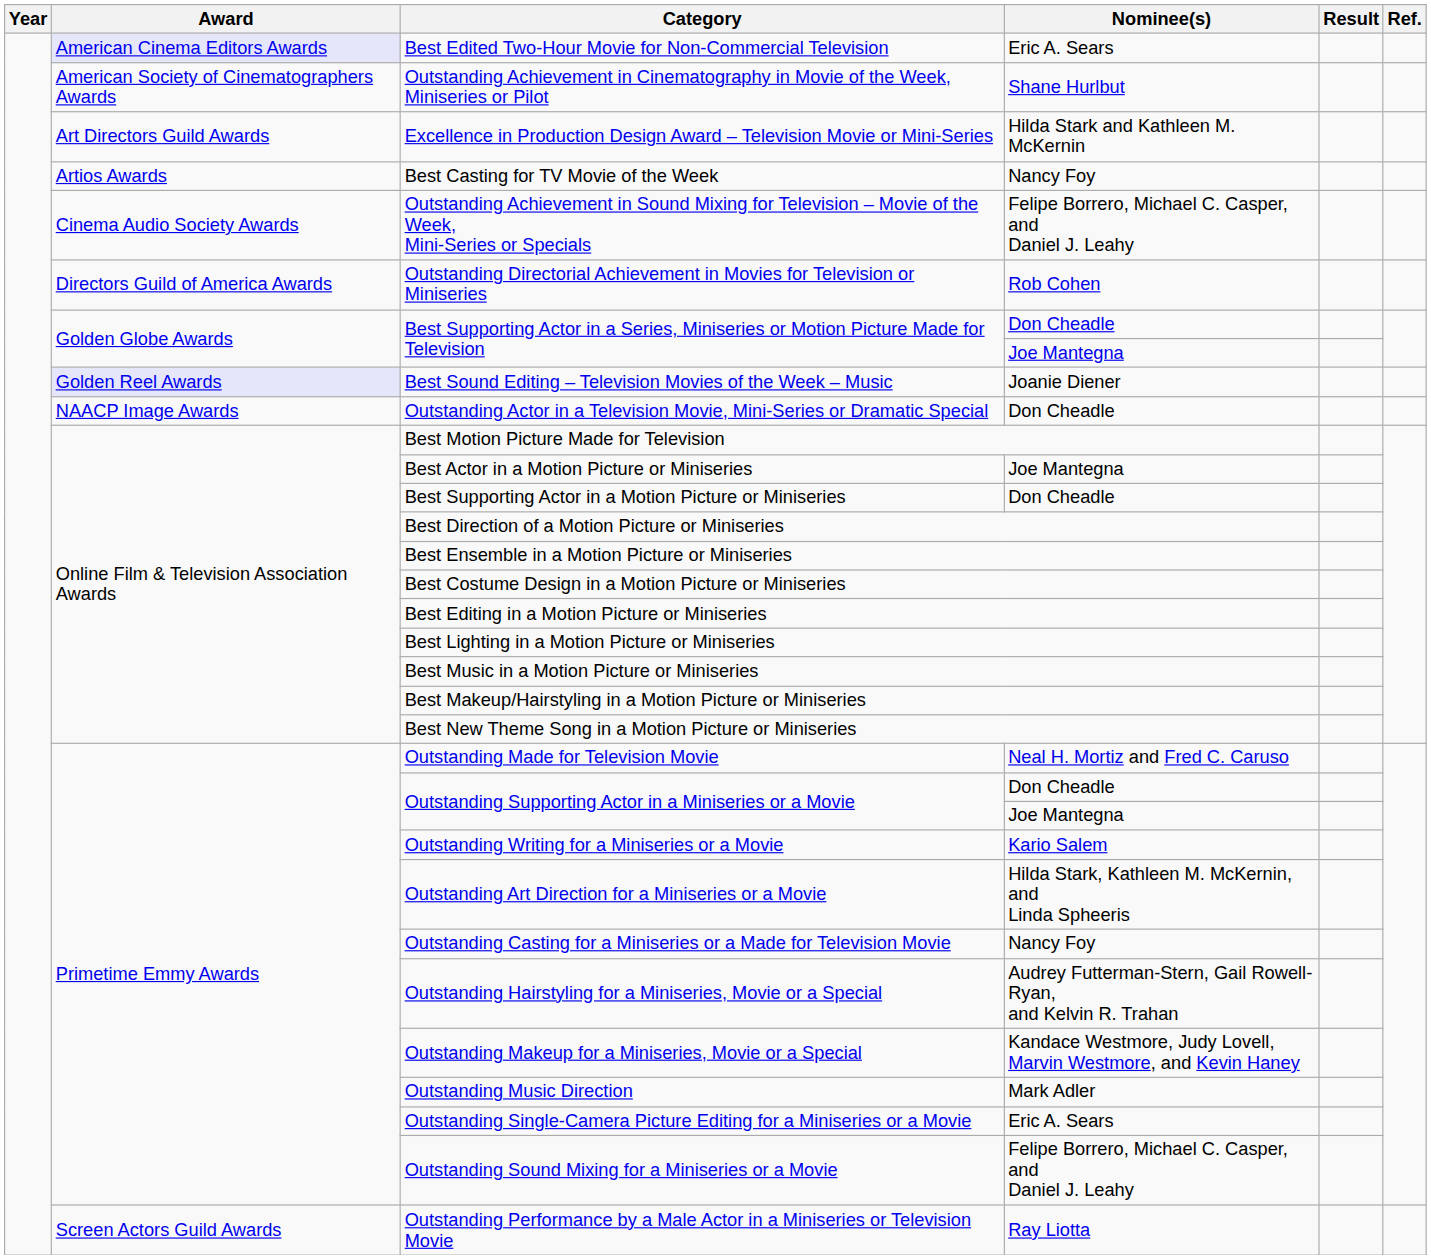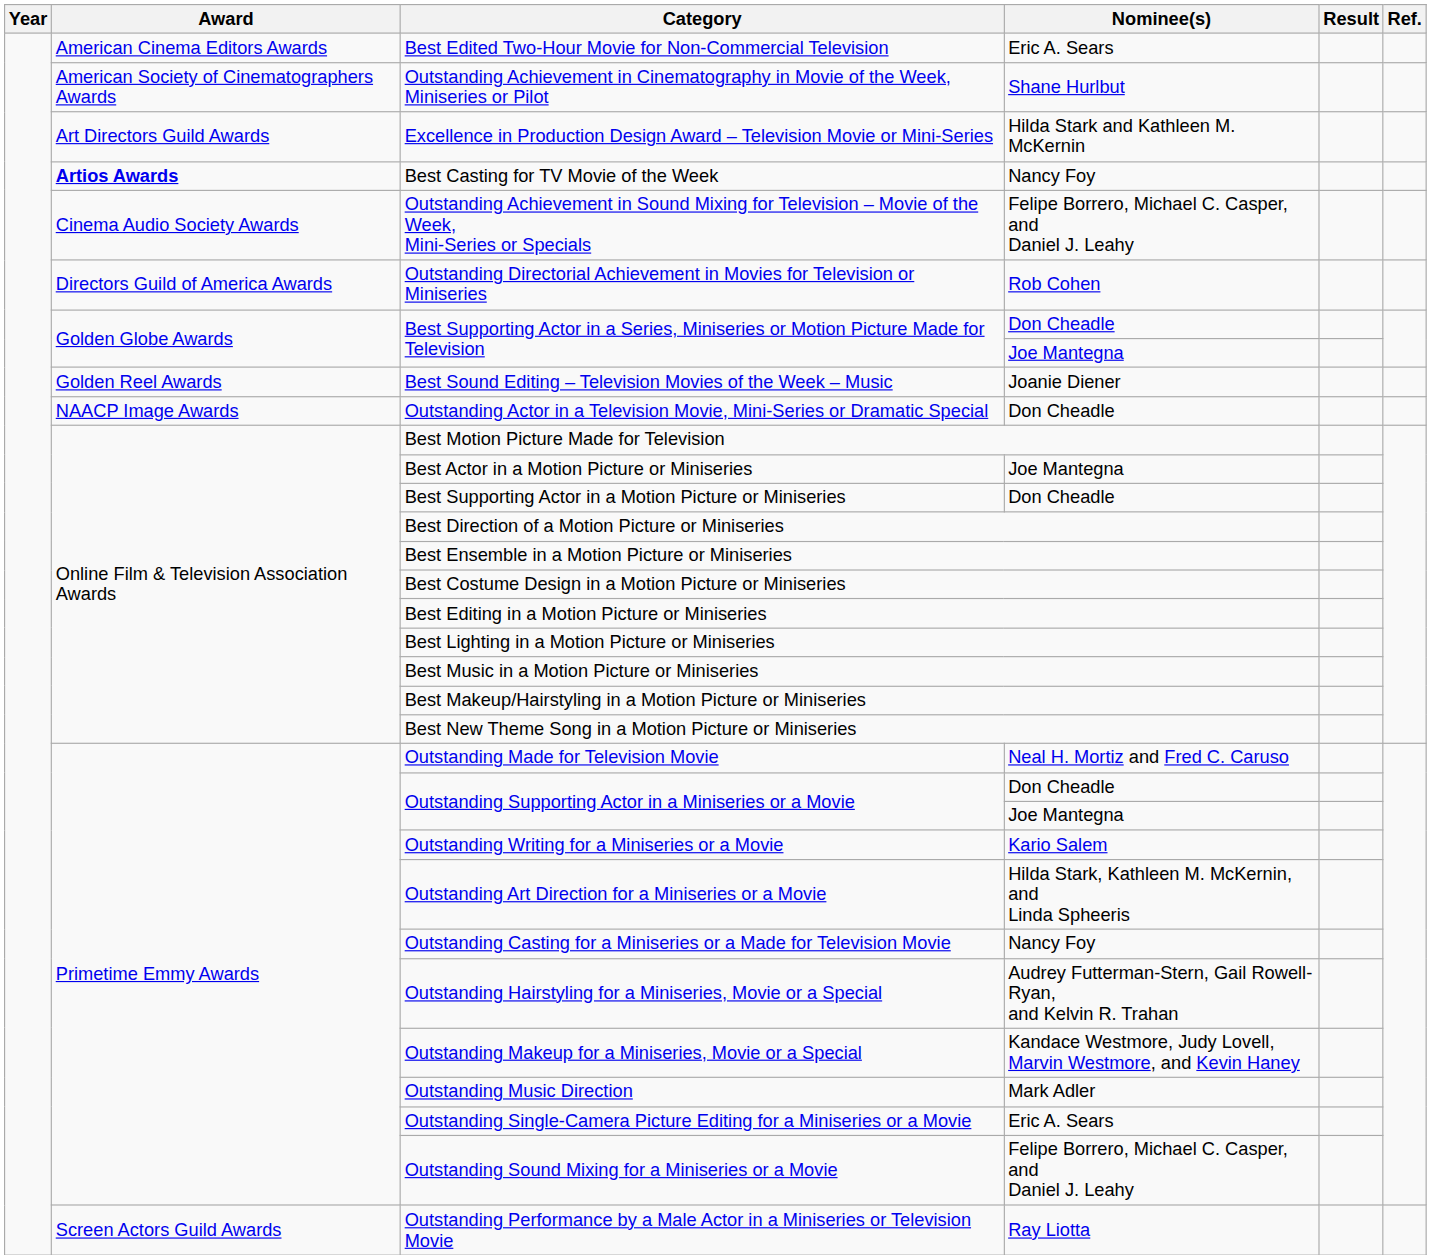 <table class="wikitable plainrowheaders">
 <tr>
 <th>Year</th>
 <th>Award</th>
 <th>Category</th>
 <th>Nominee(s)</th>
 <th>Result</th>
 <th>Ref.</th>
 </tr>
 <tr>
 <td rowspan="50"></td>
-<td style="background: lavender;"><a href='#'>American Cinema Editors Awards</a></td>
+<td><a href='#'>American Cinema Editors Awards</a></td>
 <td><a href='#'>Best Edited Two-Hour Movie for Non-Commercial Television</a></td>
 <td>Eric A. Sears</td>
 <td></td>
 <td align="center"></td>
 </tr>
 <tr>
 <td><a href='#'>American Society of Cinematographers Awards</a></td>
 <td><a href='#'>Outstanding Achievement in Cinematography in Movie of the Week, Miniseries or Pilot</a></td>
 <td><a href='#'>Shane Hurlbut</a></td>
 <td></td>
 <td align="center"></td>
 </tr>
 <tr>
 <td><a href='#'>Art Directors Guild Awards</a></td>
 <td><a href='#'>Excellence in Production Design Award – Television Movie or Mini-Series</a></td>
 <td>Hilda Stark and Kathleen M. McKernin</td>
 <td></td>
 <td align="center"></td>
 </tr>
 <tr>
-<td><a href='#'>Artios Awards</a></td>
+<td><strong><a href='#'>Artios Awards</a></strong></td>
 <td>Best Casting for TV Movie of the Week</td>
 <td>Nancy Foy</td>
 <td></td>
 <td align="center"></td>
 </tr>
 <tr>
 <td><a href='#'>Cinema Audio Society Awards</a></td>
 <td><a href='#'>Outstanding Achievement in Sound Mixing for Television – Movie of the Week, <br> Mini-Series or Specials</a></td>
 <td>Felipe Borrero, Michael C. Casper, and <br> Daniel J. Leahy</td>
 <td></td>
 <td align="center"></td>
 </tr>
 <tr>
 <td><a href='#'>Directors Guild of America Awards</a></td>
 <td><a href='#'>Outstanding Directorial Achievement in Movies for Television or Miniseries</a></td>
 <td><a href='#'>Rob Cohen</a></td>
 <td></td>
 <td align="center"></td>
 </tr>
 <tr>
 <td rowspan="2"><a href='#'>Golden Globe Awards</a></td>
 <td rowspan="2"><a href='#'>Best Supporting Actor in a Series, Miniseries or Motion Picture Made for Television</a></td>
 <td><a href='#'>Don Cheadle</a></td>
 <td></td>
 <td align="center" rowspan="2"></td>
 </tr>
 <tr>
 <td><a href='#'>Joe Mantegna</a></td>
 <td></td>
 </tr>
 <tr>
-<td style="background: lavender;"><a href='#'>Golden Reel Awards</a></td>
+<td><a href='#'>Golden Reel Awards</a></td>
 <td><a href='#'>Best Sound Editing – Television Movies of the Week – Music</a></td>
 <td>Joanie Diener</td>
 <td></td>
 <td align="center"></td>
 </tr>
 <tr>
 <td><a href='#'>NAACP Image Awards</a></td>
 <td><a href='#'>Outstanding Actor in a Television Movie, Mini-Series or Dramatic Special</a></td>
 <td>Don Cheadle</td>
 <td></td>
 <td align="center"></td>
 </tr>
 <tr>
 <td rowspan="11">Online Film & Television Association Awards</td>
 <td colspan="2">Best Motion Picture Made for Television</td>
 <td></td>
 <td align="center" rowspan="11"></td>
 </tr>
 <tr>
 <td>Best Actor in a Motion Picture or Miniseries</td>
 <td>Joe Mantegna</td>
 <td></td>
 </tr>
 <tr>
 <td>Best Supporting Actor in a Motion Picture or Miniseries</td>
 <td>Don Cheadle</td>
 <td></td>
 </tr>
 <tr>
 <td colspan="2">Best Direction of a Motion Picture or Miniseries</td>
 <td></td>
 </tr>
 <tr>
 <td colspan="2">Best Ensemble in a Motion Picture or Miniseries</td>
 <td></td>
 </tr>
 <tr>
 <td colspan="2">Best Costume Design in a Motion Picture or Miniseries</td>
 <td></td>
 </tr>
 <tr>
 <td colspan="2">Best Editing in a Motion Picture or Miniseries</td>
 <td></td>
 </tr>
 <tr>
 <td colspan="2">Best Lighting in a Motion Picture or Miniseries</td>
 <td></td>
 </tr>
 <tr>
 <td colspan="2">Best Music in a Motion Picture or Miniseries</td>
 <td></td>
 </tr>
 <tr>
 <td colspan="2">Best Makeup/Hairstyling in a Motion Picture or Miniseries</td>
 <td></td>
 </tr>
 <tr>
 <td colspan="2">Best New Theme Song in a Motion Picture or Miniseries</td>
 <td></td>
 </tr>
 <tr>
 <td rowspan="11"><a href='#'>Primetime Emmy Awards</a></td>
 <td><a href='#'>Outstanding Made for Television Movie</a></td>
 <td><a href='#'>Neal H. Mortiz</a> and <a href='#'>Fred C. Caruso</a></td>
 <td></td>
 <td align="center" rowspan="11"></td>
 </tr>
 <tr>
 <td rowspan="2"><a href='#'>Outstanding Supporting Actor in a Miniseries or a Movie</a></td>
 <td>Don Cheadle</td>
 <td></td>
 </tr>
 <tr>
 <td>Joe Mantegna</td>
 <td></td>
 </tr>
 <tr>
 <td><a href='#'>Outstanding Writing for a Miniseries or a Movie</a></td>
 <td><a href='#'>Kario Salem</a></td>
 <td></td>
 </tr>
 <tr>
 <td><a href='#'>Outstanding Art Direction for a Miniseries or a Movie</a></td>
 <td>Hilda Stark, Kathleen M. McKernin, and <br> Linda Spheeris</td>
 <td></td>
 </tr>
 <tr>
 <td><a href='#'>Outstanding Casting for a Miniseries or a Made for Television Movie</a></td>
 <td>Nancy Foy</td>
 <td></td>
 </tr>
 <tr>
 <td><a href='#'>Outstanding Hairstyling for a Miniseries, Movie or a Special</a></td>
 <td>Audrey Futterman-Stern, Gail Rowell-Ryan, <br> and Kelvin R. Trahan</td>
 <td></td>
 </tr>
 <tr>
 <td><a href='#'>Outstanding Makeup for a Miniseries, Movie or a Special</a></td>
 <td>Kandace Westmore, Judy Lovell, <br> <a href='#'>Marvin Westmore</a>, and <a href='#'>Kevin Haney</a></td>
 <td></td>
 </tr>
 <tr>
 <td><a href='#'>Outstanding Music Direction</a></td>
 <td>Mark Adler</td>
 <td></td>
 </tr>
 <tr>
 <td><a href='#'>Outstanding Single-Camera Picture Editing for a Miniseries or a Movie</a></td>
 <td>Eric A. Sears</td>
 <td></td>
 </tr>
 <tr>
 <td><a href='#'>Outstanding Sound Mixing for a Miniseries or a Movie</a></td>
 <td>Felipe Borrero, Michael C. Casper, and <br> Daniel J. Leahy</td>
 <td></td>
 </tr>
 <tr>
 <td><a href='#'>Screen Actors Guild Awards</a></td>
 <td><a href='#'>Outstanding Performance by a Male Actor in a Miniseries or Television Movie</a></td>
 <td><a href='#'>Ray Liotta</a></td>
 <td></td>
 <td align="center"></td>
 </tr>
 </table>
